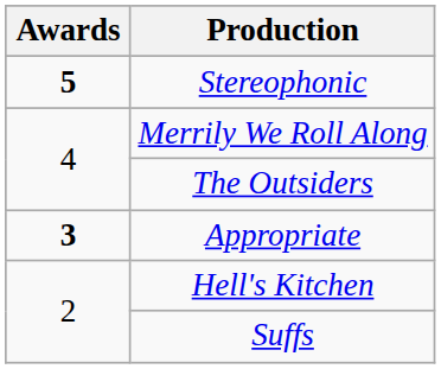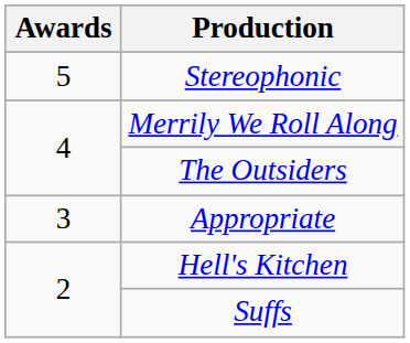 <table class="wikitable plainrowheaders" style="text-align: center; float:left; margin-right:1em;">
 <tr>
 <th scope="col" style="width:55px;">Awards</th>
 <th scope="col" style="text-align:center;">Production</th>
 </tr>
 <tr>
-<td scope="row" style="text-align:center"><strong>5</strong></td>
+<td scope="row" style="text-align:center">5</td>
 <td><em><a href='#'>Stereophonic</a></em></td>
 </tr>
 <tr>
 <td scope="row" rowspan="2" style="text-align:center">4</td>
 <td><em><a href='#'>Merrily We Roll Along</a></em></td>
 </tr>
 <tr>
 <td><em><a href='#'>The Outsiders</a></em></td>
 </tr>
 <tr>
-<td scope="row"style="text-align:center"><strong>3</strong></td>
+<td scope="row"style="text-align:center">3</td>
 <td><em><a href='#'>Appropriate</a></em></td>
 </tr>
 <tr>
 <td scope="row" rowspan="2" style="text-align:center">2</td>
 <td><em><a href='#'>Hell's Kitchen</a></em></td>
 </tr>
 <tr>
 <td><em><a href='#'>Suffs</a></em></td>
 </tr>
 </table>
